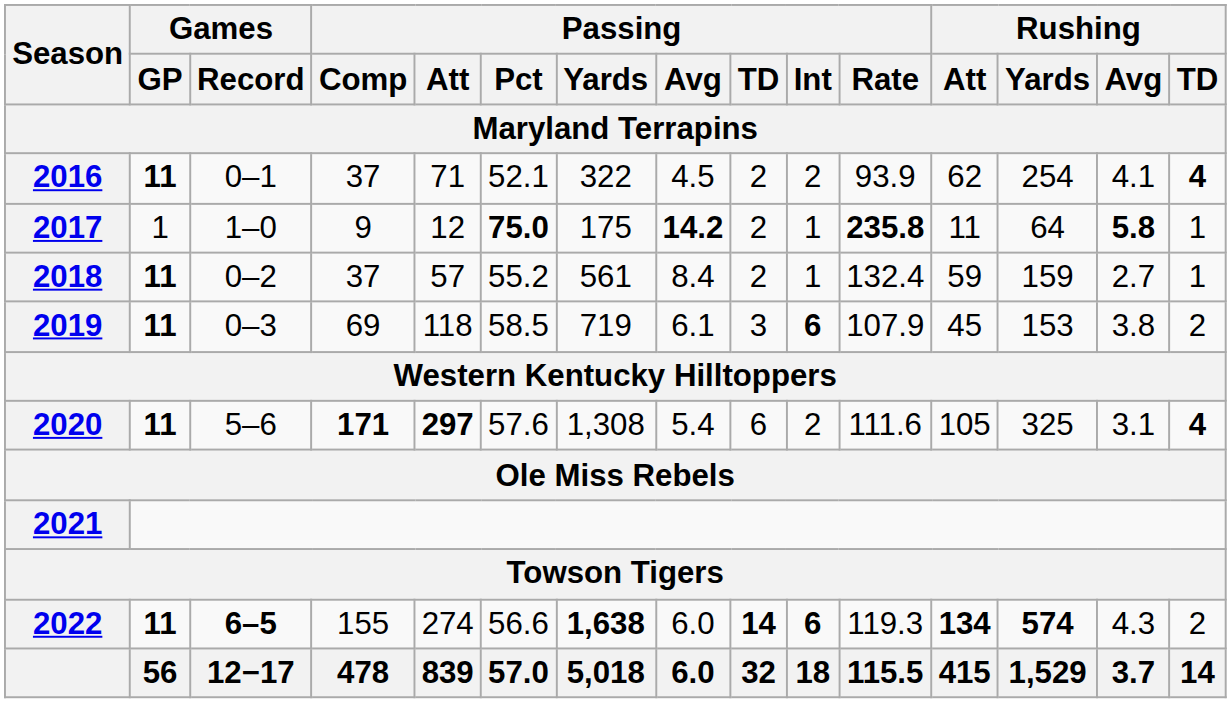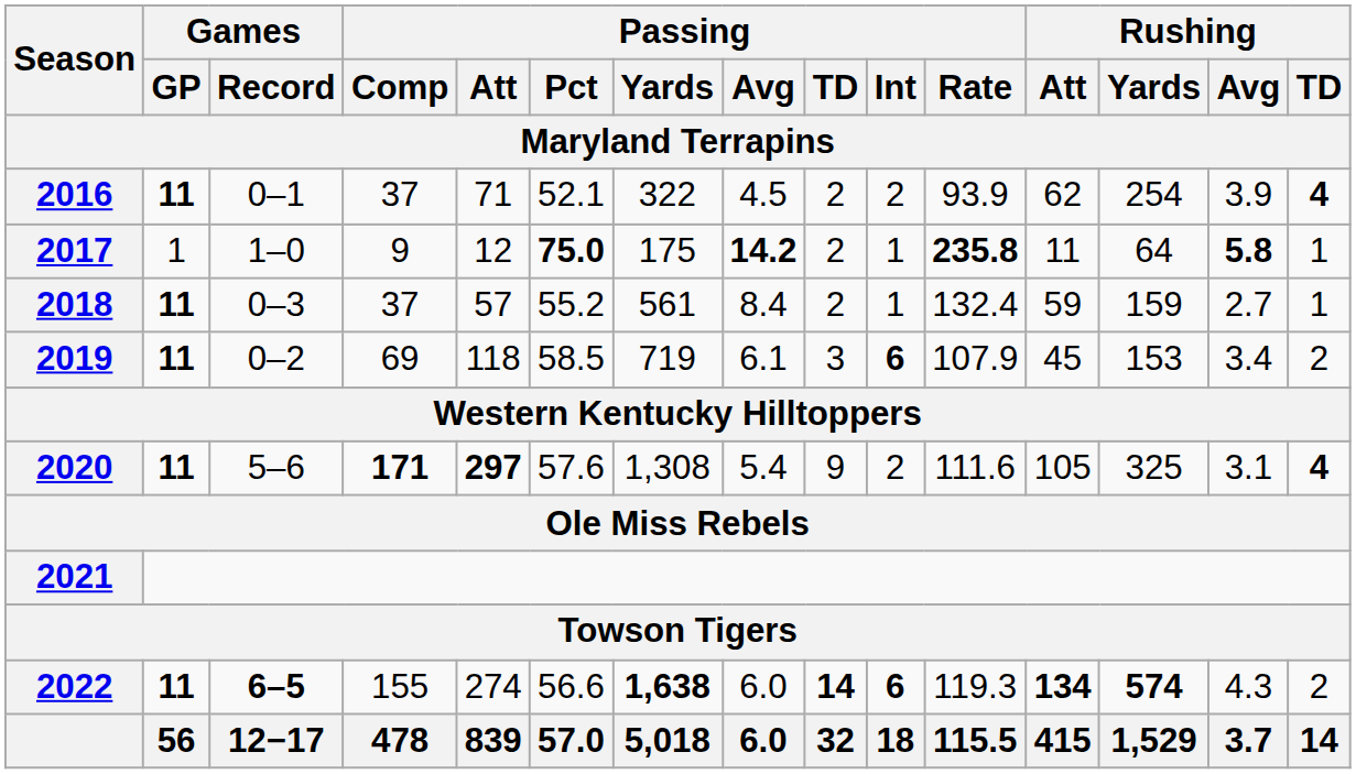 <table class="wikitable" style="text-align:center;">
 <tr>
 <th rowspan="2">Season</th>
 <th colspan="2">Games</th>
 <th colspan="8">Passing</th>
 <th colspan="4">Rushing</th>
 </tr>
 <tr>
 <th>GP</th>
 <th>Record</th>
 <th>Comp</th>
 <th>Att</th>
 <th>Pct</th>
 <th>Yards</th>
 <th>Avg</th>
 <th>TD</th>
 <th>Int</th>
 <th>Rate</th>
 <th>Att</th>
 <th>Yards</th>
 <th>Avg</th>
 <th>TD</th>
 </tr>
 <tr>
 <th colspan="16">Maryland Terrapins</th>
 </tr>
 <tr>
 <th><a href='#'>2016</a></th>
 <td><strong>11</strong></td>
 <td>0–1</td>
 <td>37</td>
 <td>71</td>
 <td>52.1</td>
 <td>322</td>
 <td>4.5</td>
 <td>2</td>
 <td>2</td>
 <td>93.9</td>
 <td>62</td>
 <td>254</td>
-<td>4.1</td>
+<td>3.9</td>
 <td><strong>4</strong></td>
 </tr>
 <tr>
 <th><a href='#'>2017</a></th>
 <td>1</td>
 <td>1–0</td>
 <td>9</td>
 <td>12</td>
 <td><strong>75.0</strong></td>
 <td>175</td>
 <td><strong>14.2</strong></td>
 <td>2</td>
 <td>1</td>
 <td><strong>235.8</strong></td>
 <td>11</td>
 <td>64</td>
 <td><strong>5.8</strong></td>
 <td>1</td>
 </tr>
 <tr>
 <th><a href='#'>2018</a></th>
 <td><strong>11</strong></td>
-<td>0–2</td>
+<td>0–3</td>
 <td>37</td>
 <td>57</td>
 <td>55.2</td>
 <td>561</td>
 <td>8.4</td>
 <td>2</td>
 <td>1</td>
 <td>132.4</td>
 <td>59</td>
 <td>159</td>
 <td>2.7</td>
 <td>1</td>
 </tr>
 <tr>
 <th><a href='#'>2019</a></th>
 <td><strong>11</strong></td>
-<td>0–3</td>
+<td>0–2</td>
 <td>69</td>
 <td>118</td>
 <td>58.5</td>
 <td>719</td>
 <td>6.1</td>
 <td>3</td>
 <td><strong>6</strong></td>
 <td>107.9</td>
 <td>45</td>
 <td>153</td>
-<td>3.8</td>
+<td>3.4</td>
 <td>2</td>
 </tr>
 <tr>
 <th colspan="16">Western Kentucky Hilltoppers</th>
 </tr>
 <tr>
 <th><a href='#'>2020</a></th>
 <td><strong>11</strong></td>
 <td>5–6</td>
 <td><strong>171</strong></td>
 <td><strong>297</strong></td>
 <td>57.6</td>
 <td>1,308</td>
 <td>5.4</td>
-<td>6</td>
+<td>9</td>
 <td>2</td>
 <td>111.6</td>
 <td>105</td>
 <td>325</td>
 <td>3.1</td>
 <td><strong>4</strong></td>
 </tr>
 <tr>
 <th colspan="16">Ole Miss Rebels</th>
 </tr>
 <tr>
 <th><a href='#'>2021</a></th>
 <td colspan="15"></td>
 </tr>
 <tr>
 <th colspan="16">Towson Tigers</th>
 </tr>
 <tr>
 <th><a href='#'>2022</a></th>
 <td><strong>11</strong></td>
 <td><strong>6–5</strong></td>
 <td>155</td>
 <td>274</td>
 <td>56.6</td>
 <td><strong>1,638</strong></td>
 <td>6.0</td>
 <td><strong>14</strong></td>
 <td><strong>6</strong></td>
 <td>119.3</td>
 <td><strong>134</strong></td>
 <td><strong>574</strong></td>
 <td>4.3</td>
 <td>2</td>
 </tr>
 <tr>
 <th></th>
 <th>56</th>
 <th>12−17</th>
 <th>478</th>
 <th>839</th>
 <th>57.0</th>
 <th>5,018</th>
 <th>6.0</th>
 <th>32</th>
 <th>18</th>
 <th>115.5</th>
 <th>415</th>
 <th>1,529</th>
 <th>3.7</th>
 <th>14</th>
 </tr>
 </table>
